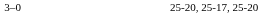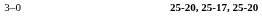 <table>
 <tr>
 <th width=190></th>
 <th width=60></th>
 <th width=190></th>
 <th width=200></th>
 </tr>
 <tr>
 <td align=right><strong></strong></td>
 <td align=center>3–0</td>
 <td></td>
-<td>25-20, 25-17, 25-20</td>
+<td><strong>25-20, 25-17, 25-20</strong></td>
 </tr>
 </table>
